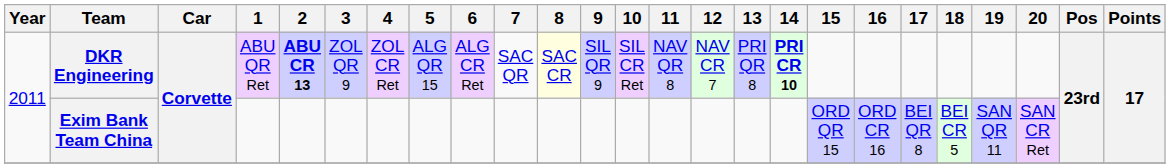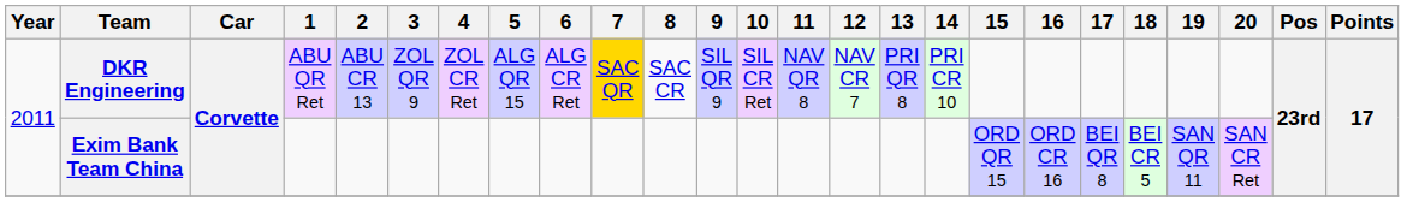 <table class="wikitable" style="text-align:center; font-size:90%;">
 <tr>
 <th>Year</th>
 <th>Team</th>
 <th>Car</th>
 <th>1</th>
 <th>2</th>
 <th>3</th>
 <th>4</th>
 <th>5</th>
 <th>6</th>
 <th>7</th>
 <th>8</th>
 <th>9</th>
 <th>10</th>
 <th>11</th>
 <th>12</th>
 <th>13</th>
 <th>14</th>
 <th>15</th>
 <th>16</th>
 <th>17</th>
 <th>18</th>
 <th>19</th>
 <th>20</th>
 <th>Pos</th>
 <th>Points</th>
 </tr>
 <tr>
 <td rowspan=2><a href='#'>2011</a></td>
 <th><a href='#'>DKR Engineering</a></th>
 <th rowspan=2><a href='#'>Corvette</a></th>
 <td style="background:#EFCFFF;"><a href='#'>ABU<br>QR</a><br><small>Ret<br></small></td>
-<td style="background:#CFCFFF;"><strong><a href='#'>ABU<br>CR</a><br><small>13<br></small></strong></td>
+<td style="background:#CFCFFF;"><a href='#'>ABU<br>CR</a><br><small>13<br></small></td>
 <td style="background:#CFCFFF;"><a href='#'>ZOL<br>QR</a><br><small>9<br></small></td>
 <td style="background:#EFCFFF;"><a href='#'>ZOL<br>CR</a><br><small>Ret<br></small></td>
 <td style="background:#CFCFFF;"><a href='#'>ALG<br>QR</a><br><small>15<br></small></td>
 <td style="background:#EFCFFF;"><a href='#'>ALG<br>CR</a><br><small>Ret<br></small></td>
-<td><a href='#'>SAC<br>QR</a></td>
-<td style="background: lightyellow;"><a href='#'>SAC<br>CR</a></td>
+<td style="background: gold;"><a href='#'>SAC<br>QR</a></td>
+<td><a href='#'>SAC<br>CR</a></td>
 <td style="background:#CFCFFF;"><a href='#'>SIL<br>QR</a><br><small>9<br></small></td>
 <td style="background:#EFCFFF;"><a href='#'>SIL<br>CR</a><br><small>Ret<br></small></td>
 <td style="background:#CFCFFF;"><a href='#'>NAV<br>QR</a><br><small>8<br></small></td>
 <td style="background:#DFFFDF;"><a href='#'>NAV<br>CR</a><br><small>7<br></small></td>
 <td style="background:#CFCFFF;"><a href='#'>PRI<br>QR</a><br><small>8<br></small></td>
-<td style="background:#DFFFDF;"><strong><a href='#'>PRI<br>CR</a><br><small>10<br></small></strong></td>
+<td style="background:#DFFFDF;"><a href='#'>PRI<br>CR</a><br><small>10<br></small></td>
 <td></td>
 <td></td>
 <td></td>
 <td></td>
 <td></td>
 <td></td>
 <th rowspan=2>23rd</th>
 <th rowspan=2>17</th>
 </tr>
 <tr>
 <th><a href='#'>Exim Bank Team China</a></th>
 <td></td>
 <td></td>
 <td></td>
 <td></td>
 <td></td>
 <td></td>
 <td></td>
 <td></td>
 <td></td>
 <td></td>
 <td></td>
 <td></td>
 <td></td>
 <td></td>
 <td style="background:#CFCFFF;"><a href='#'>ORD<br>QR</a><br><small>15<br></small></td>
 <td style="background:#CFCFFF;"><a href='#'>ORD<br>CR</a><br><small>16<br></small></td>
 <td style="background:#CFCFFF;"><a href='#'>BEI<br>QR</a><br><small>8<br></small></td>
 <td style="background:#DFFFDF;"><a href='#'>BEI<br>CR</a><br><small>5<br></small></td>
 <td style="background:#CFCFFF;"><a href='#'>SAN<br>QR</a><br><small>11<br></small></td>
 <td style="background:#EFCFFF;"><a href='#'>SAN<br>CR</a><br><small>Ret<br></small></td>
 </tr>
 <tr>
 </tr>
 </table>
